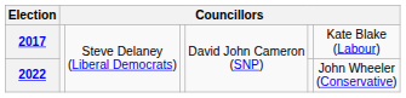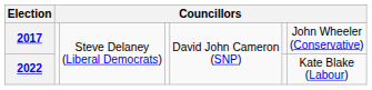 <table class="wikitable" style="text-align:center">
 <tr>
 <th>Election</th>
 <th colspan=8>Councillors</th>
 </tr>
 <tr>
 <th><a href='#'>2017</a></th>
 <td rowspan=2; style="background-color: "></td>
 <td rowspan=2>Steve Delaney<br>(<a href='#'>Liberal Democrats</a>)</td>
 <td rowspan=2; style="background-color: "></td>
 <td rowspan=2>David John Cameron<br>(<a href='#'>SNP</a>)</td>
 <td rowspan=1; style="background-color: "></td>
-<td rowspan=1>Kate Blake<br>(<a href='#'>Labour</a>)</td>
+<td rowspan=1>John Wheeler<br>(<a href='#'>Conservative</a>)</td>
 </tr>
 <tr>
 <th><a href='#'>2022</a></th>
 <td rowspan=1; style="background-color: "></td>
-<td rowspan=1>John Wheeler<br>(<a href='#'>Conservative</a>)</td>
+<td rowspan=1>Kate Blake<br>(<a href='#'>Labour</a>)</td>
 </tr>
 </table>
